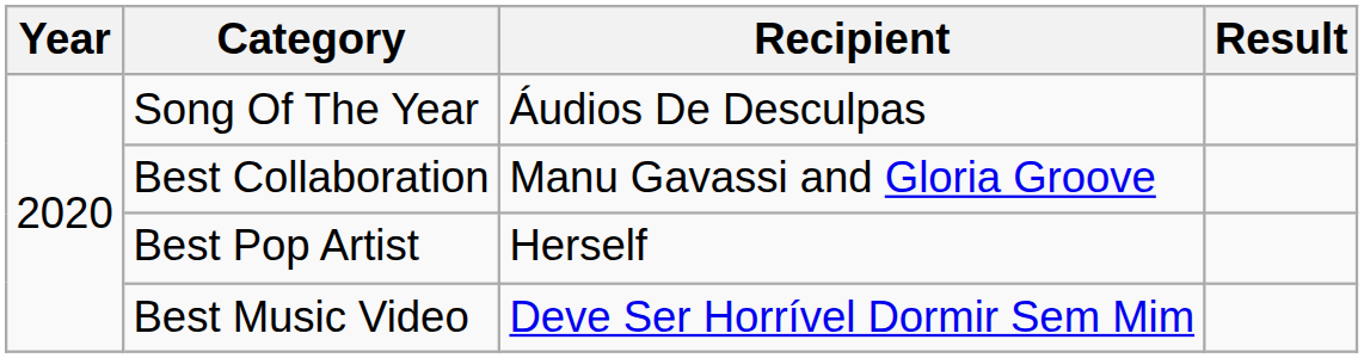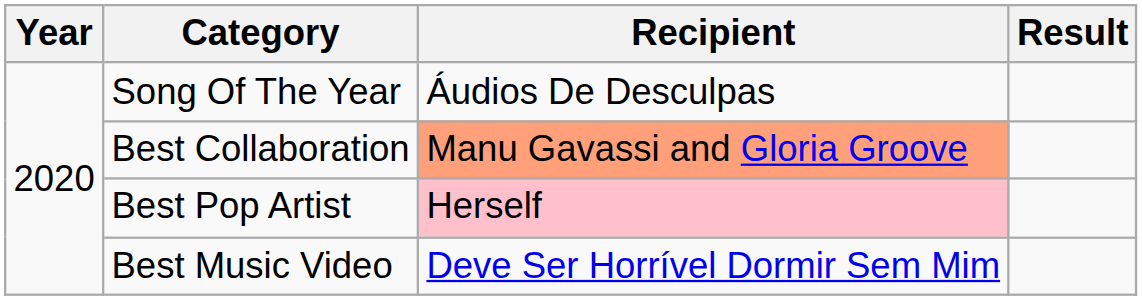 <table class="wikitable">
 <tr>
 <th>Year</th>
 <th>Category</th>
 <th>Recipient</th>
 <th>Result</th>
 </tr>
 <tr>
 <td rowspan=4>2020</td>
 <td>Song Of The Year</td>
 <td>Áudios De Desculpas</td>
 <td></td>
 </tr>
 <tr>
 <td>Best Collaboration</td>
-<td>Manu Gavassi and <a href='#'>Gloria Groove</a></td>
+<td style="background: lightsalmon;">Manu Gavassi and <a href='#'>Gloria Groove</a></td>
 <td></td>
 </tr>
 <tr>
 <td>Best Pop Artist</td>
-<td>Herself</td>
+<td style="background: pink;">Herself</td>
 <td></td>
 </tr>
 <tr>
 <td>Best Music Video</td>
 <td><a href='#'>Deve Ser Horrível Dormir Sem Mim</a></td>
 <td></td>
 </tr>
 </table>
